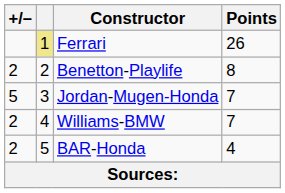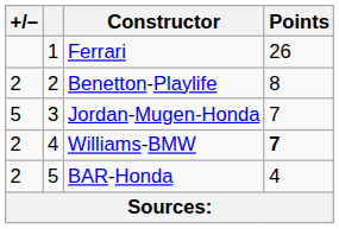 <table class="wikitable" style="font-size: 85%;">
 <tr>
 <th scope="col">+/–</th>
 <th scope="col"></th>
 <th scope="col">Constructor</th>
 <th scope="col">Points</th>
 </tr>
 <tr>
 <td align="left"></td>
-<td align="center" style="background: khaki;">1</td>
+<td align="center">1</td>
 <td> <a href='#'>Ferrari</a></td>
 <td align="left">26</td>
 </tr>
 <tr>
 <td align="left"> 2</td>
 <td align="center">2</td>
 <td> <a href='#'>Benetton</a>-<a href='#'>Playlife</a></td>
 <td align="left">8</td>
 </tr>
 <tr>
 <td align="left"> 5</td>
 <td align="center">3</td>
 <td> <a href='#'>Jordan</a>-<a href='#'>Mugen-Honda</a></td>
 <td align="left">7</td>
 </tr>
 <tr>
 <td align="left"> 2</td>
 <td align="center">4</td>
 <td> <a href='#'>Williams</a>-<a href='#'>BMW</a></td>
-<td align="left">7</td>
+<td align="left"><strong>7</strong></td>
 </tr>
 <tr>
 <td align="left"> 2</td>
 <td align="center">5</td>
 <td> <a href='#'>BAR</a>-<a href='#'>Honda</a></td>
 <td align="left">4</td>
 </tr>
 <tr>
 <th colspan=4>Sources:</th>
 </tr>
 </table>
